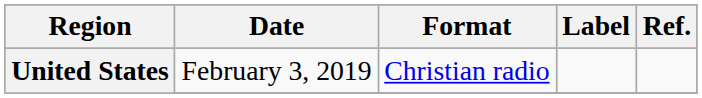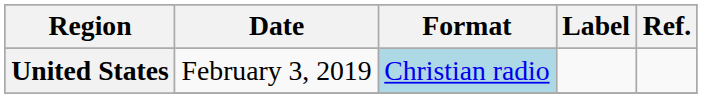 <table class="wikitable plainrowheaders">
 <tr>
 <th scope="col">Region</th>
 <th scope="col">Date</th>
 <th scope="col">Format</th>
 <th scope="col">Label</th>
 <th scope="col">Ref.</th>
 </tr>
 <tr>
 <th scope="row" rowspan="2">United States</th>
 <td>February 3, 2019</td>
-<td><a href='#'>Christian radio</a></td>
+<td style="background: lightblue;"><a href='#'>Christian radio</a></td>
 <td></td>
 <td></td>
 </tr>
 <tr>
 </tr>
 </table>
